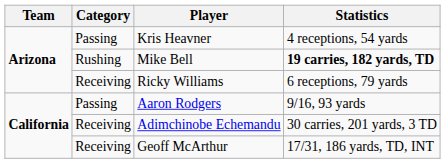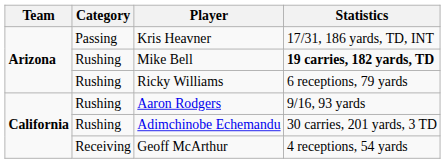 <table class="wikitable" style="float: right;">
 <tr>
 <th>Team</th>
 <th>Category</th>
 <th>Player</th>
 <th>Statistics</th>
 </tr>
 <tr>
 <td rowspan=3><strong>Arizona</strong></td>
 <td>Passing</td>
 <td>Kris Heavner</td>
-<td>4 receptions, 54 yards</td>
+<td>17/31, 186 yards, TD, INT</td>
 </tr>
 <tr>
 <td>Rushing</td>
 <td>Mike Bell</td>
 <td><strong>19 carries, 182 yards, TD</strong></td>
 </tr>
 <tr>
-<td>Receiving</td>
+<td>Rushing</td>
 <td>Ricky Williams</td>
 <td>6 receptions, 79 yards</td>
 </tr>
 <tr>
 <td rowspan=3><strong>California</strong></td>
-<td>Passing</td>
+<td>Rushing</td>
 <td><a href='#'>Aaron Rodgers</a></td>
 <td>9/16, 93 yards</td>
 </tr>
 <tr>
-<td>Receiving</td>
+<td>Rushing</td>
 <td><a href='#'>Adimchinobe Echemandu</a></td>
 <td>30 carries, 201 yards, 3 TD</td>
 </tr>
 <tr>
 <td>Receiving</td>
 <td>Geoff McArthur</td>
-<td>17/31, 186 yards, TD, INT</td>
+<td>4 receptions, 54 yards</td>
 </tr>
 </table>
